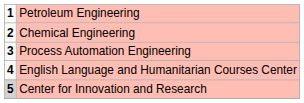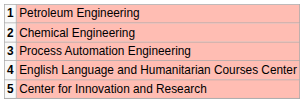 <table class="wikitable">
 <tr>
 <td><strong>1</strong></td>
 <td bgcolor= FFBDB3>Petroleum Engineering</td>
 </tr>
 <tr>
 <td><strong>2</strong></td>
 <td bgcolor= FFBDB3>Chemical Engineering</td>
 </tr>
 <tr>
 <td><strong>3</strong></td>
 <td bgcolor= FFBDB3>Process Automation Engineering</td>
 </tr>
 <tr>
 <td><strong>4</strong></td>
 <td bgcolor= FFBDB3>English Language and Humanitarian Courses Center</td>
 </tr>
 <tr>
-<td style="background: lightgrey;"><strong>5</strong></td>
+<td><strong>5</strong></td>
 <td bgcolor= FFBDB3>Center for Innovation and Research</td>
 </tr>
 <tr>
 </tr>
 </table>
